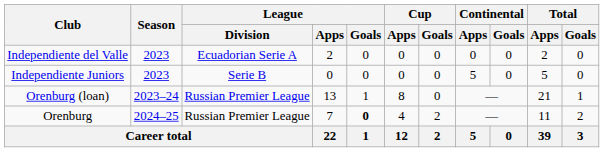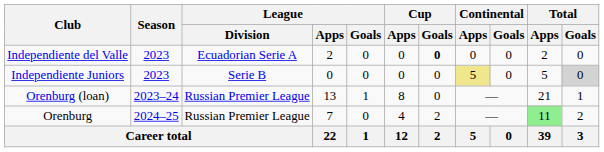 <table class="wikitable" style="text-align: center;">
 <tr>
 <th rowspan=2>Club</th>
 <th rowspan=2>Season</th>
 <th colspan=3>League</th>
 <th colspan=2>Cup</th>
 <th colspan=2>Continental</th>
 <th colspan=2>Total</th>
 </tr>
 <tr>
 <th>Division</th>
 <th>Apps</th>
 <th>Goals</th>
 <th>Apps</th>
 <th>Goals</th>
 <th>Apps</th>
 <th>Goals</th>
 <th>Apps</th>
 <th>Goals</th>
 </tr>
 <tr>
 <td><a href='#'>Independiente del Valle</a></td>
 <td><a href='#'>2023</a></td>
 <td><a href='#'>Ecuadorian Serie A</a></td>
 <td>2</td>
 <td>0</td>
 <td>0</td>
-<td>0</td>
+<td><strong>0</strong></td>
 <td>0</td>
 <td>0</td>
 <td>2</td>
 <td>0</td>
 </tr>
 <tr>
 <td><a href='#'>Independiente Juniors</a></td>
 <td><a href='#'>2023</a></td>
 <td><a href='#'>Serie B</a></td>
 <td>0</td>
 <td>0</td>
 <td>0</td>
 <td>0</td>
-<td>5</td>
+<td style="background: khaki;">5</td>
 <td>0</td>
 <td>5</td>
-<td>0</td>
+<td style="background: lightgrey;">0</td>
 </tr>
 <tr>
 <td><a href='#'>Orenburg</a> (loan)</td>
 <td><a href='#'>2023–24</a></td>
 <td><a href='#'>Russian Premier League</a></td>
 <td>13</td>
 <td>1</td>
 <td>8</td>
 <td>0</td>
 <td colspan="2">—</td>
 <td>21</td>
 <td>1</td>
 </tr>
 <tr>
 <td>Orenburg</td>
 <td><a href='#'>2024–25</a></td>
 <td>Russian Premier League</td>
 <td>7</td>
-<td><strong>0</strong></td>
+<td>0</td>
 <td>4</td>
 <td>2</td>
 <td colspan="2">—</td>
-<td>11</td>
+<td style="background: lightgreen;">11</td>
 <td>2</td>
 </tr>
 <tr>
 <th colspan="3">Career total</th>
 <th>22</th>
 <th>1</th>
 <th>12</th>
 <th>2</th>
 <th>5</th>
 <th>0</th>
 <th>39</th>
 <th>3</th>
 </tr>
 </table>
